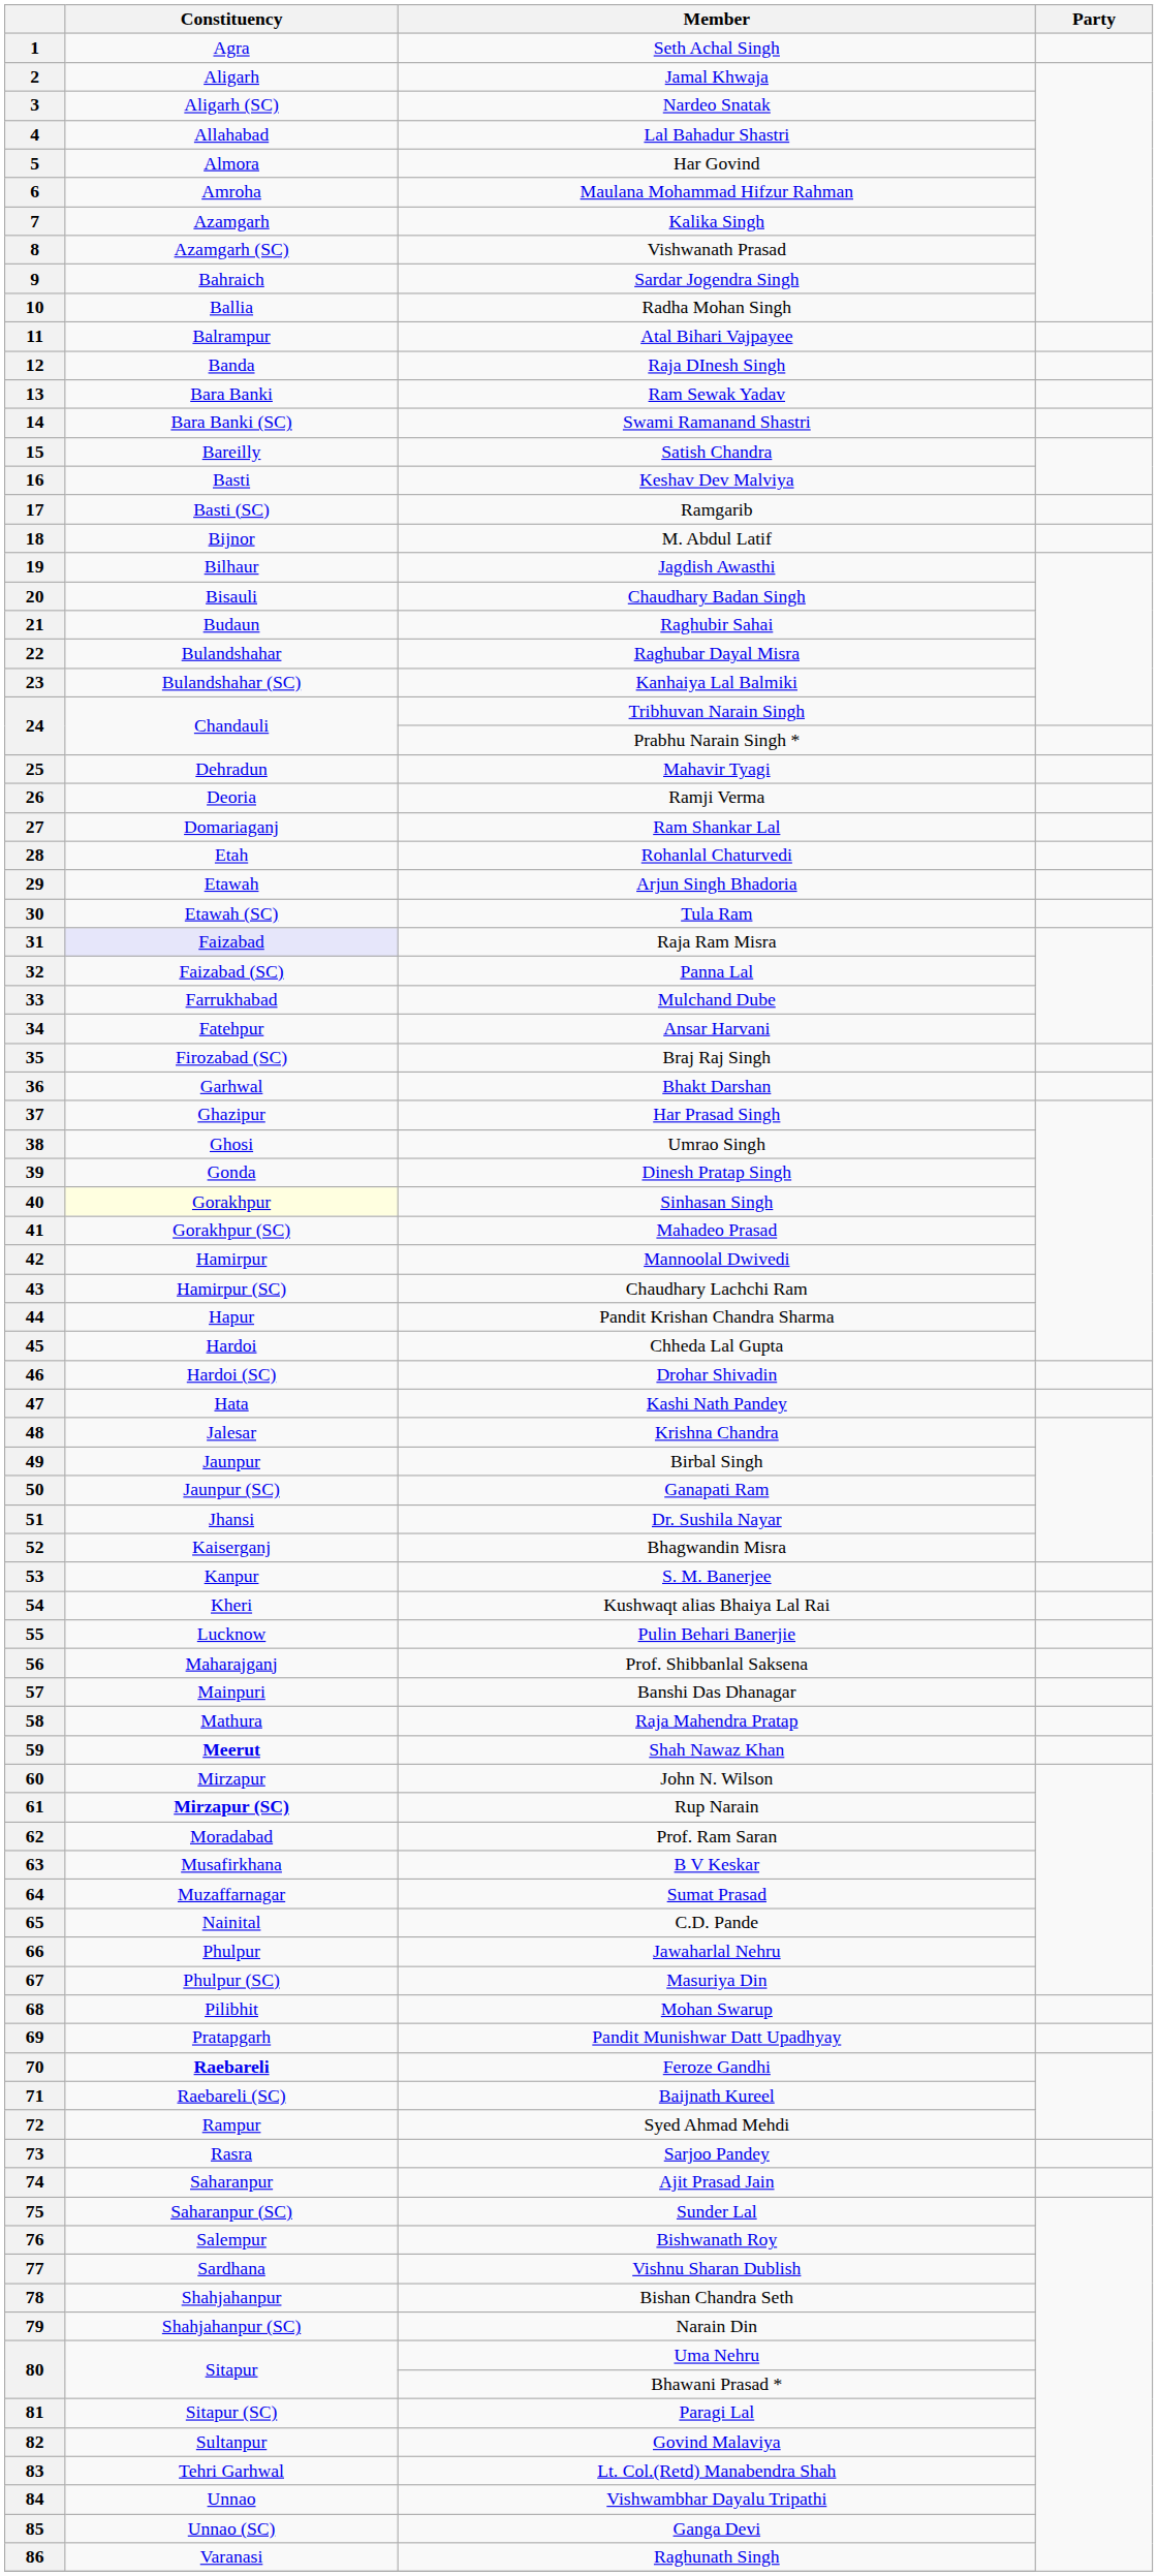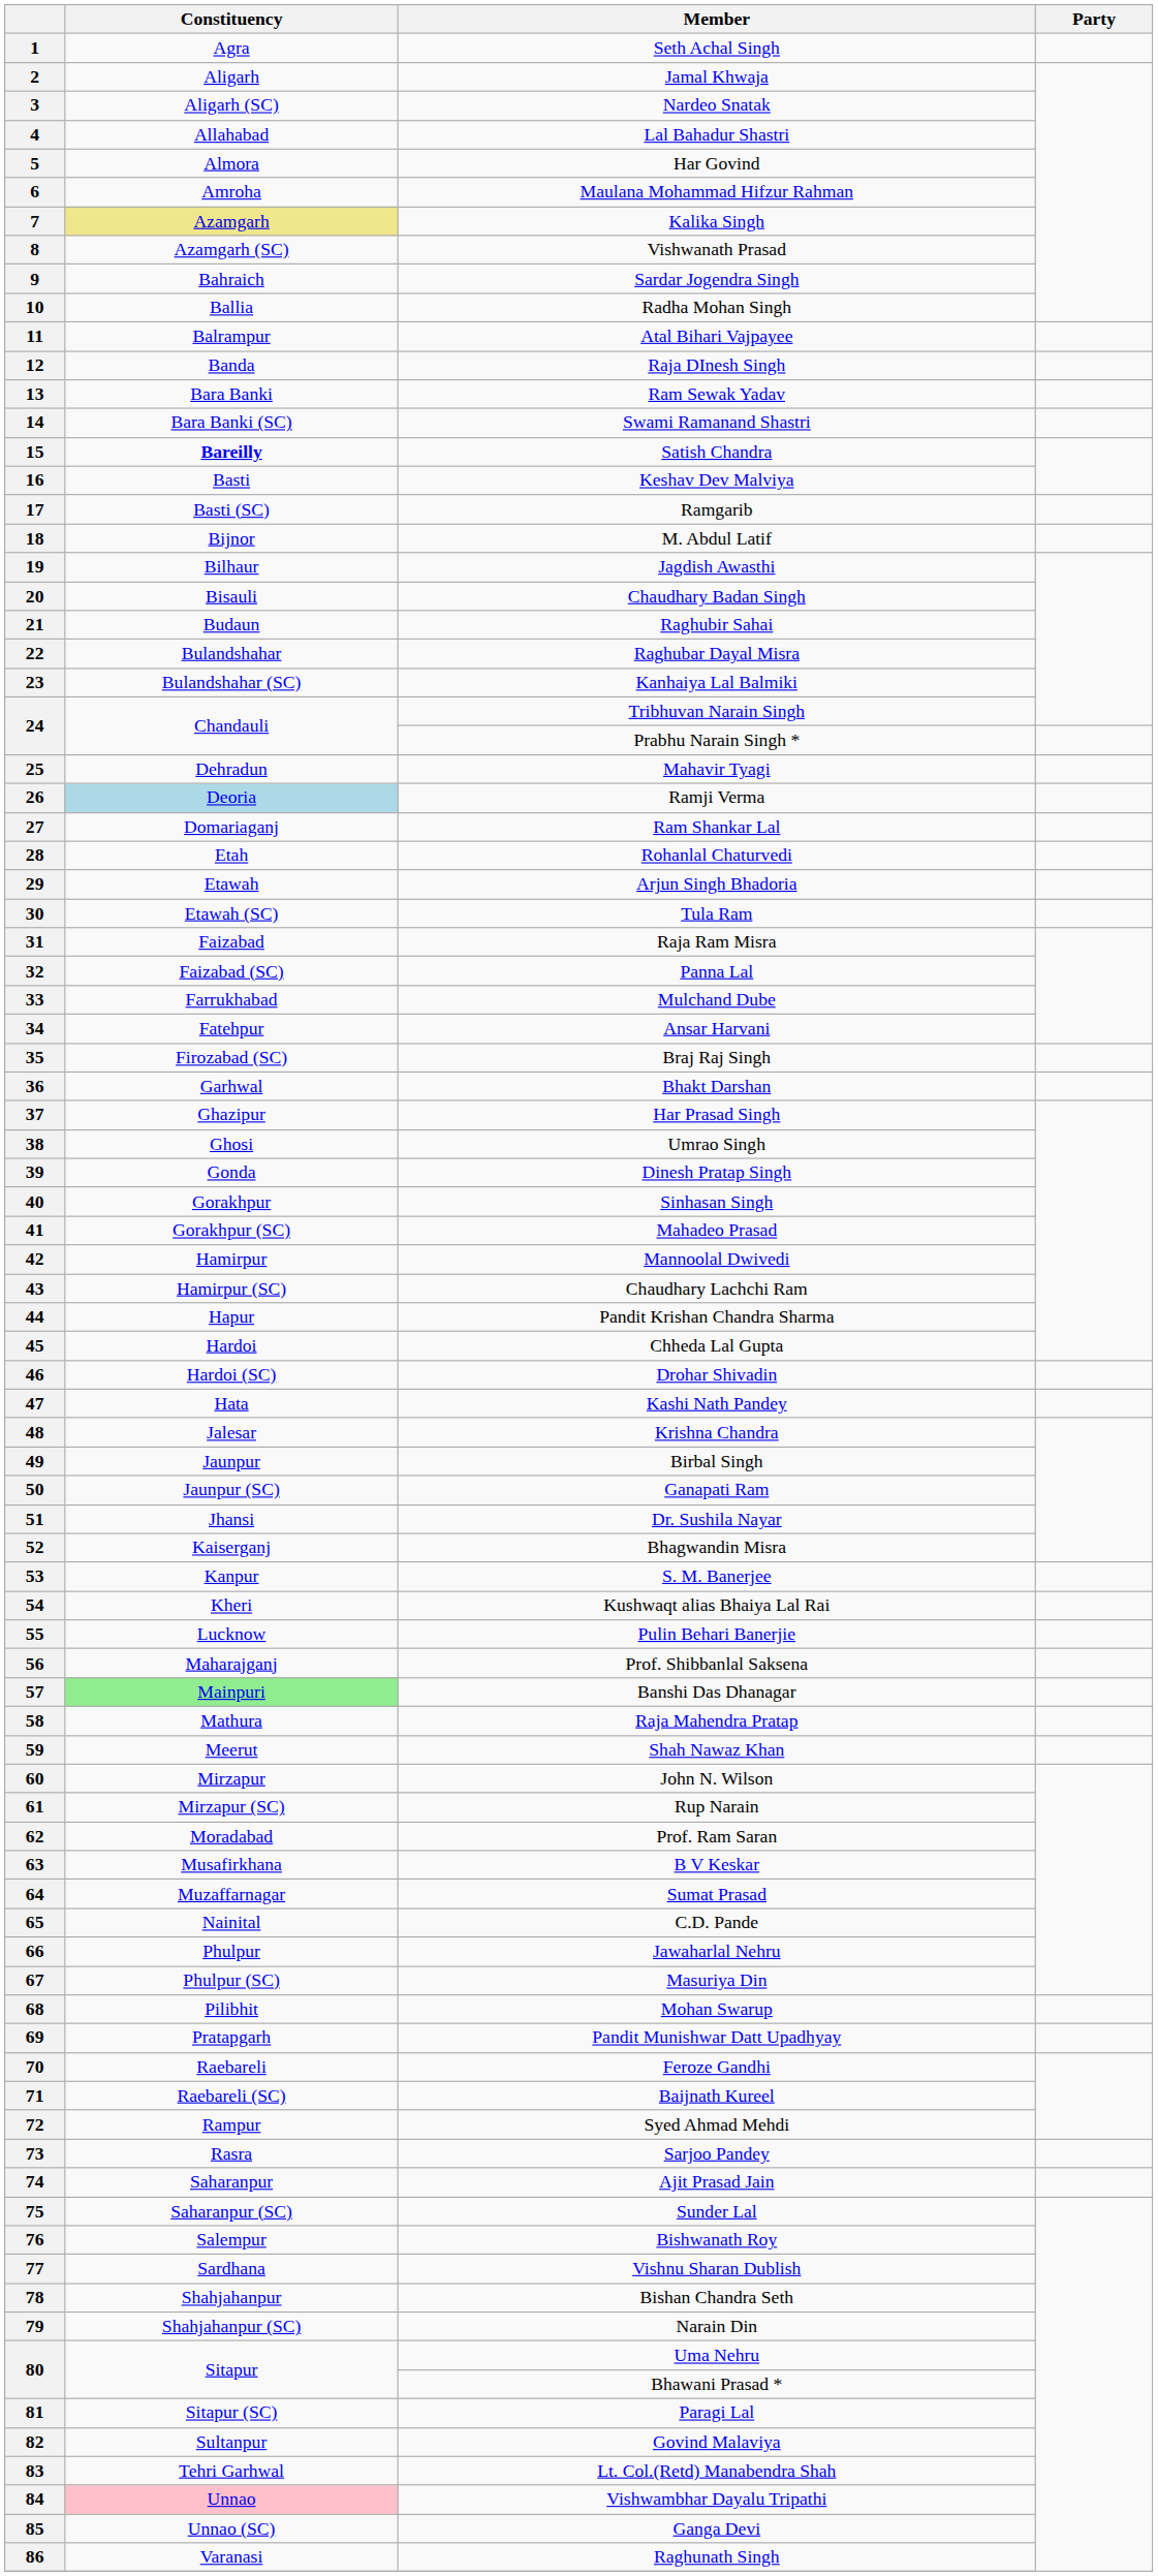 <table class="wikitable sortable" style="width:80%; text-align:center">
 <tr>
 <th></th>
 <th>Constituency</th>
 <th>Member</th>
 <th colspan="2" scope="col">Party</th>
 </tr>
 <tr>
 <th>1</th>
 <td><a href='#'>Agra</a></td>
 <td><a href='#'>Seth Achal Singh</a></td>
 <td></td>
 </tr>
 <tr>
 <th>2</th>
 <td><a href='#'>Aligarh</a></td>
 <td><a href='#'>Jamal Khwaja</a></td>
 </tr>
 <tr>
 <th>3</th>
 <td><a href='#'>Aligarh (SC)</a></td>
 <td><a href='#'>Nardeo Snatak</a></td>
 </tr>
 <tr>
 <th>4</th>
 <td><a href='#'>Allahabad</a></td>
 <td><a href='#'>Lal Bahadur Shastri</a></td>
 </tr>
 <tr>
 <th>5</th>
 <td><a href='#'>Almora</a></td>
 <td>Har Govind</td>
 </tr>
 <tr>
 <th>6</th>
 <td><a href='#'>Amroha</a></td>
 <td><a href='#'>Maulana Mohammad Hifzur Rahman</a></td>
 </tr>
 <tr>
 <th>7</th>
-<td><a href='#'>Azamgarh</a></td>
+<td style="background: khaki;"><a href='#'>Azamgarh</a></td>
 <td><a href='#'>Kalika Singh</a></td>
 </tr>
 <tr>
 <th>8</th>
 <td><a href='#'>Azamgarh (SC)</a></td>
 <td>Vishwanath Prasad</td>
 </tr>
 <tr>
 <th>9</th>
 <td><a href='#'>Bahraich</a></td>
 <td><a href='#'>Sardar Jogendra Singh</a></td>
 </tr>
 <tr>
 <th>10</th>
 <td><a href='#'>Ballia</a></td>
 <td>Radha Mohan Singh</td>
 </tr>
 <tr>
 <th>11</th>
 <td><a href='#'>Balrampur</a></td>
 <td><a href='#'>Atal Bihari Vajpayee</a></td>
 <td></td>
 </tr>
 <tr>
 <th>12</th>
 <td><a href='#'>Banda</a></td>
 <td><a href='#'>Raja DInesh Singh</a></td>
 <td></td>
 </tr>
 <tr>
 <th>13</th>
 <td><a href='#'>Bara Banki</a></td>
 <td><a href='#'>Ram Sewak Yadav</a></td>
 <td></td>
 </tr>
 <tr>
 <th>14</th>
 <td><a href='#'>Bara Banki (SC)</a></td>
 <td><a href='#'>Swami Ramanand Shastri</a></td>
 <td></td>
 </tr>
 <tr>
 <th>15</th>
-<td><a href='#'>Bareilly</a></td>
+<td><strong><a href='#'>Bareilly</a></strong></td>
 <td><a href='#'>Satish Chandra</a></td>
 </tr>
 <tr>
 <th>16</th>
 <td><a href='#'>Basti</a></td>
 <td><a href='#'>Keshav Dev Malviya</a></td>
 </tr>
 <tr>
 <th>17</th>
 <td><a href='#'>Basti (SC)</a></td>
 <td>Ramgarib</td>
 <td></td>
 </tr>
 <tr>
 <th>18</th>
 <td><a href='#'>Bijnor</a></td>
 <td>M. Abdul Latif</td>
 <td></td>
 </tr>
 <tr>
 <th>19</th>
 <td><a href='#'>Bilhaur</a></td>
 <td><a href='#'>Jagdish Awasthi</a></td>
 </tr>
 <tr>
 <th>20</th>
 <td><a href='#'>Bisauli</a></td>
 <td><a href='#'>Chaudhary Badan Singh</a></td>
 </tr>
 <tr>
 <th>21</th>
 <td><a href='#'>Budaun</a></td>
 <td><a href='#'>Raghubir Sahai</a></td>
 </tr>
 <tr>
 <th>22</th>
 <td><a href='#'>Bulandshahar</a></td>
 <td><a href='#'>Raghubar Dayal Misra</a></td>
 </tr>
 <tr>
 <th>23</th>
 <td><a href='#'>Bulandshahar (SC)</a></td>
 <td><a href='#'>Kanhaiya Lal Balmiki</a></td>
 </tr>
 <tr>
 <th rowspan=2>24</th>
 <td rowspan=2><a href='#'>Chandauli</a></td>
 <td><a href='#'>Tribhuvan Narain Singh</a></td>
 </tr>
 <tr>
 <td>Prabhu Narain Singh *</td>
 <td></td>
 </tr>
 <tr>
 <th>25</th>
 <td><a href='#'>Dehradun</a></td>
 <td><a href='#'>Mahavir Tyagi</a></td>
 <td></td>
 </tr>
 <tr>
 <th>26</th>
-<td><a href='#'>Deoria</a></td>
+<td style="background: lightblue;"><a href='#'>Deoria</a></td>
 <td>Ramji Verma</td>
 <td></td>
 </tr>
 <tr>
 <th>27</th>
 <td><a href='#'>Domariaganj</a></td>
 <td><a href='#'>Ram Shankar Lal</a></td>
 <td></td>
 </tr>
 <tr>
 <th>28</th>
 <td><a href='#'>Etah</a></td>
 <td><a href='#'>Rohanlal Chaturvedi</a></td>
 </tr>
 <tr>
 <th>29</th>
 <td><a href='#'>Etawah</a></td>
 <td><a href='#'>Arjun Singh Bhadoria</a></td>
 <td></td>
 </tr>
 <tr>
 <th>30</th>
 <td><a href='#'>Etawah (SC)</a></td>
 <td><a href='#'>Tula Ram</a></td>
 <td></td>
 </tr>
 <tr>
 <th>31</th>
-<td style="background: lavender;"><a href='#'>Faizabad</a></td>
+<td><a href='#'>Faizabad</a></td>
 <td>Raja Ram Misra</td>
 </tr>
 <tr>
 <th>32</th>
 <td><a href='#'>Faizabad (SC)</a></td>
 <td><a href='#'>Panna Lal</a></td>
 </tr>
 <tr>
 <th>33</th>
 <td><a href='#'>Farrukhabad</a></td>
 <td><a href='#'>Mulchand Dube</a></td>
 </tr>
 <tr>
 <th>34</th>
 <td><a href='#'>Fatehpur</a></td>
 <td><a href='#'>Ansar Harvani</a></td>
 </tr>
 <tr>
 <th>35</th>
 <td><a href='#'>Firozabad (SC)</a></td>
 <td>Braj Raj Singh</td>
 <td></td>
 </tr>
 <tr>
 <th>36</th>
 <td><a href='#'>Garhwal</a></td>
 <td><a href='#'>Bhakt Darshan</a></td>
 <td></td>
 </tr>
 <tr>
 <th>37</th>
 <td><a href='#'>Ghazipur</a></td>
 <td><a href='#'>Har Prasad Singh</a></td>
 </tr>
 <tr>
 <th>38</th>
 <td><a href='#'>Ghosi</a></td>
 <td>Umrao Singh</td>
 </tr>
 <tr>
 <th>39</th>
 <td><a href='#'>Gonda</a></td>
 <td><a href='#'>Dinesh Pratap Singh</a></td>
 </tr>
 <tr>
 <th>40</th>
-<td style="background: lightyellow;"><a href='#'>Gorakhpur</a></td>
+<td><a href='#'>Gorakhpur</a></td>
 <td><a href='#'>Sinhasan Singh</a></td>
 </tr>
 <tr>
 <th>41</th>
 <td><a href='#'>Gorakhpur (SC)</a></td>
 <td><a href='#'>Mahadeo Prasad</a></td>
 </tr>
 <tr>
 <th>42</th>
 <td><a href='#'>Hamirpur</a></td>
 <td><a href='#'>Mannoolal Dwivedi</a></td>
 </tr>
 <tr>
 <th>43</th>
 <td><a href='#'>Hamirpur (SC)</a></td>
 <td>Chaudhary Lachchi Ram</td>
 </tr>
 <tr>
 <th>44</th>
 <td><a href='#'>Hapur</a></td>
 <td>Pandit Krishan Chandra Sharma</td>
 </tr>
 <tr>
 <th>45</th>
 <td><a href='#'>Hardoi</a></td>
 <td>Chheda Lal Gupta</td>
 </tr>
 <tr>
 <th>46</th>
 <td><a href='#'>Hardoi (SC)</a></td>
 <td><a href='#'>Drohar Shivadin</a></td>
 <td></td>
 </tr>
 <tr>
 <th>47</th>
 <td><a href='#'>Hata</a></td>
 <td><a href='#'>Kashi Nath Pandey</a></td>
 <td></td>
 </tr>
 <tr>
 <th>48</th>
 <td><a href='#'>Jalesar</a></td>
 <td><a href='#'>Krishna Chandra</a></td>
 </tr>
 <tr>
 <th>49</th>
 <td><a href='#'>Jaunpur</a></td>
 <td>Birbal Singh</td>
 </tr>
 <tr>
 <th>50</th>
 <td><a href='#'>Jaunpur (SC)</a></td>
 <td><a href='#'>Ganapati Ram</a></td>
 </tr>
 <tr>
 <th>51</th>
 <td><a href='#'>Jhansi</a></td>
 <td><a href='#'>Dr. Sushila Nayar</a></td>
 </tr>
 <tr>
 <th>52</th>
 <td><a href='#'>Kaiserganj</a></td>
 <td>Bhagwandin Misra</td>
 </tr>
 <tr>
 <th>53</th>
 <td><a href='#'>Kanpur</a></td>
 <td><a href='#'>S. M. Banerjee</a></td>
 <td></td>
 </tr>
 <tr>
 <th>54</th>
 <td><a href='#'>Kheri</a></td>
 <td>Kushwaqt alias Bhaiya Lal Rai</td>
 <td></td>
 </tr>
 <tr>
 <th>55</th>
 <td><a href='#'>Lucknow</a></td>
 <td><a href='#'>Pulin Behari Banerjie</a></td>
 <td></td>
 </tr>
 <tr>
 <th>56</th>
 <td><a href='#'>Maharajganj</a></td>
 <td>Prof. Shibbanlal Saksena</td>
 </tr>
 <tr>
 <th>57</th>
-<td><a href='#'>Mainpuri</a></td>
+<td style="background: lightgreen;"><a href='#'>Mainpuri</a></td>
 <td>Banshi Das Dhanagar</td>
 <td></td>
 </tr>
 <tr>
 <th>58</th>
 <td><a href='#'>Mathura</a></td>
 <td><a href='#'>Raja Mahendra Pratap</a></td>
 <td></td>
 </tr>
 <tr>
 <th>59</th>
-<td><strong><a href='#'>Meerut</a></strong></td>
+<td><a href='#'>Meerut</a></td>
 <td><a href='#'>Shah Nawaz Khan</a></td>
 <td></td>
 </tr>
 <tr>
 <th>60</th>
 <td><a href='#'>Mirzapur</a></td>
 <td>John N. Wilson</td>
 </tr>
 <tr>
 <th>61</th>
-<td><strong><a href='#'>Mirzapur (SC)</a></strong></td>
+<td><a href='#'>Mirzapur (SC)</a></td>
 <td>Rup Narain</td>
 </tr>
 <tr>
 <th>62</th>
 <td><a href='#'>Moradabad</a></td>
 <td>Prof. Ram Saran</td>
 </tr>
 <tr>
 <th>63</th>
 <td><a href='#'>Musafirkhana</a></td>
 <td><a href='#'>B V Keskar</a></td>
 </tr>
 <tr>
 <th>64</th>
 <td><a href='#'>Muzaffarnagar</a></td>
 <td><a href='#'>Sumat Prasad</a></td>
 </tr>
 <tr>
 <th>65</th>
 <td><a href='#'>Nainital</a></td>
 <td>C.D. Pande</td>
 </tr>
 <tr>
 <th>66</th>
 <td><a href='#'>Phulpur</a></td>
 <td><a href='#'>Jawaharlal Nehru</a></td>
 </tr>
 <tr>
 <th>67</th>
 <td><a href='#'>Phulpur (SC)</a></td>
 <td><a href='#'>Masuriya Din</a></td>
 </tr>
 <tr>
 <th>68</th>
 <td><a href='#'>Pilibhit</a></td>
 <td><a href='#'>Mohan Swarup</a></td>
 <td></td>
 </tr>
 <tr>
 <th>69</th>
 <td><a href='#'>Pratapgarh</a></td>
 <td><a href='#'>Pandit Munishwar Datt Upadhyay</a></td>
 <td></td>
 </tr>
 <tr>
 <th>70</th>
-<td><strong><a href='#'>Raebareli</a></strong></td>
+<td><a href='#'>Raebareli</a></td>
 <td><a href='#'>Feroze Gandhi</a></td>
 </tr>
 <tr>
 <th>71</th>
 <td><a href='#'>Raebareli (SC)</a></td>
 <td><a href='#'>Baijnath Kureel</a></td>
 </tr>
 <tr>
 <th>72</th>
 <td><a href='#'>Rampur</a></td>
 <td>Syed Ahmad Mehdi</td>
 </tr>
 <tr>
 <th>73</th>
 <td><a href='#'>Rasra</a></td>
 <td><a href='#'>Sarjoo Pandey</a></td>
 <td></td>
 </tr>
 <tr>
 <th>74</th>
 <td><a href='#'>Saharanpur</a></td>
 <td><a href='#'>Ajit Prasad Jain</a></td>
 <td></td>
 </tr>
 <tr>
 <th>75</th>
 <td><a href='#'>Saharanpur (SC)</a></td>
 <td><a href='#'>Sunder Lal</a></td>
 </tr>
 <tr>
 <th>76</th>
 <td><a href='#'>Salempur</a></td>
 <td><a href='#'>Bishwanath Roy</a></td>
 </tr>
 <tr>
 <th>77</th>
 <td><a href='#'>Sardhana</a></td>
 <td><a href='#'>Vishnu Sharan Dublish</a></td>
 </tr>
 <tr>
 <th>78</th>
 <td><a href='#'>Shahjahanpur</a></td>
 <td>Bishan Chandra Seth</td>
 </tr>
 <tr>
 <th>79</th>
 <td><a href='#'>Shahjahanpur (SC)</a></td>
 <td>Narain Din</td>
 </tr>
 <tr>
 <th rowspan=2>80</th>
 <td rowspan=2><a href='#'>Sitapur</a></td>
 <td><a href='#'>Uma Nehru</a></td>
 </tr>
 <tr>
 <td>Bhawani Prasad *</td>
 </tr>
 <tr>
 <th>81</th>
 <td><a href='#'>Sitapur (SC)</a></td>
 <td><a href='#'>Paragi Lal</a></td>
 </tr>
 <tr>
 <th>82</th>
 <td><a href='#'>Sultanpur</a></td>
 <td><a href='#'>Govind Malaviya</a></td>
 </tr>
 <tr>
 <th>83</th>
 <td><a href='#'>Tehri Garhwal</a></td>
 <td><a href='#'>Lt. Col.(Retd) Manabendra Shah</a></td>
 </tr>
 <tr>
 <th>84</th>
-<td><a href='#'>Unnao</a></td>
+<td style="background: pink;"><a href='#'>Unnao</a></td>
 <td><a href='#'>Vishwambhar Dayalu Tripathi</a></td>
 </tr>
 <tr>
 <th>85</th>
 <td><a href='#'>Unnao (SC)</a></td>
 <td><a href='#'>Ganga Devi</a></td>
 </tr>
 <tr>
 <th>86</th>
 <td><a href='#'>Varanasi</a></td>
 <td><a href='#'>Raghunath Singh</a></td>
 </tr>
 <tr>
 </tr>
 </table>
